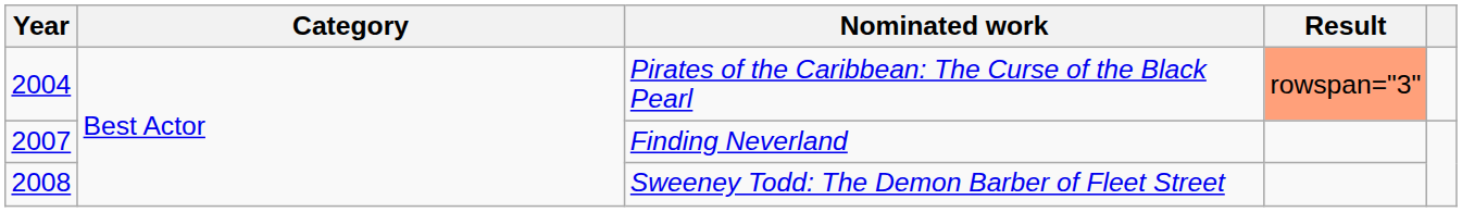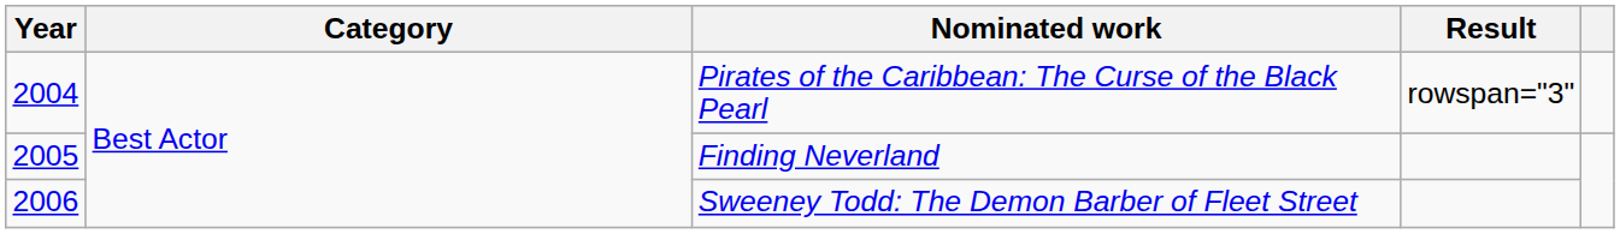 <table class="wikitable sortable">
 <tr>
 <th scope="col" style="width:1em;">Year</th>
 <th scope="col" style="width:29em;">Category</th>
 <th scope="col" style="width:34em;">Nominated work</th>
 <th scope="col" style="width:5em;">Result</th>
 <th scope="col" style="width:1em;" class="unsortable"></th>
 </tr>
 <tr>
 <td><a href='#'>2004</a></td>
 <td rowspan="3"><a href='#'>Best Actor</a></td>
 <td><em><a href='#'>Pirates of the Caribbean: The Curse of the Black Pearl</a></em></td>
-<td style="background: lightsalmon;">rowspan="3" </td>
+<td>rowspan="3" </td>
 <td></td>
 </tr>
 <tr>
-<td><a href='#'>2007</a></td>
+<td><a href='#'>2005</a></td>
 <td><em><a href='#'>Finding Neverland</a></em></td>
 <td></td>
 </tr>
 <tr>
-<td><a href='#'>2008</a></td>
+<td><a href='#'>2006</a></td>
 <td><em><a href='#'>Sweeney Todd: The Demon Barber of Fleet Street</a></em></td>
 <td></td>
 </tr>
 </table>
